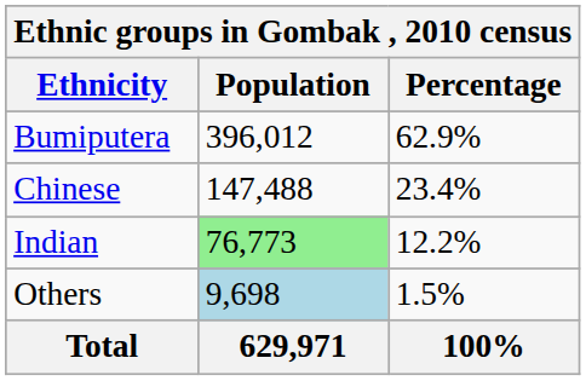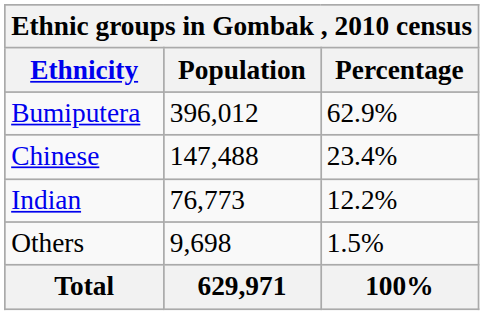 <table class="wikitable">
 <tr>
 <th style="text-align:center;" colspan="3">Ethnic groups in Gombak , 2010 census</th>
 </tr>
 <tr>
 <th><a href='#'>Ethnicity</a></th>
 <th>Population</th>
 <th>Percentage</th>
 </tr>
 <tr>
 <td><a href='#'>Bumiputera</a></td>
 <td>396,012</td>
 <td>62.9%</td>
 </tr>
 <tr>
 <td><a href='#'>Chinese</a></td>
 <td>147,488</td>
 <td>23.4%</td>
 </tr>
 <tr>
 <td><a href='#'>Indian</a></td>
-<td style="background: lightgreen;">76,773</td>
+<td>76,773</td>
 <td>12.2%</td>
 </tr>
 <tr>
 <td>Others</td>
-<td style="background: lightblue;">9,698</td>
+<td>9,698</td>
 <td>1.5%</td>
 </tr>
 <tr>
 <th>Total</th>
 <th>629,971</th>
 <th>100%</th>
 </tr>
 </table>
